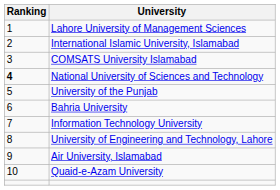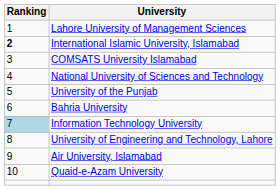 <table class="wikitable sortable">
 <tr>
 <th>Ranking</th>
 <th>University</th>
 </tr>
 <tr>
 <td>1</td>
 <td><a href='#'>Lahore University of Management Sciences</a></td>
 </tr>
 <tr>
-<td>2</td>
+<td><strong>2</strong></td>
 <td><a href='#'>International Islamic University, Islamabad</a></td>
 </tr>
 <tr>
 <td>3</td>
 <td><a href='#'>COMSATS University Islamabad</a></td>
 </tr>
 <tr>
-<td><strong>4</strong></td>
+<td>4</td>
 <td><a href='#'>National University of Sciences and Technology</a></td>
 </tr>
 <tr>
 <td>5</td>
 <td><a href='#'>University of the Punjab</a></td>
 </tr>
 <tr>
 <td>6</td>
 <td><a href='#'>Bahria University</a></td>
 </tr>
 <tr>
-<td>7</td>
+<td style="background: lightblue;">7</td>
 <td><a href='#'>Information Technology University</a></td>
 </tr>
 <tr>
 <td>8</td>
 <td><a href='#'>University of Engineering and Technology, Lahore</a></td>
 </tr>
 <tr>
 <td>9</td>
 <td><a href='#'>Air University, Islamabad</a></td>
 </tr>
 <tr>
 <td>10</td>
 <td><a href='#'>Quaid-e-Azam University</a></td>
 </tr>
 <tr>
 <td></td>
 </tr>
 </table>
